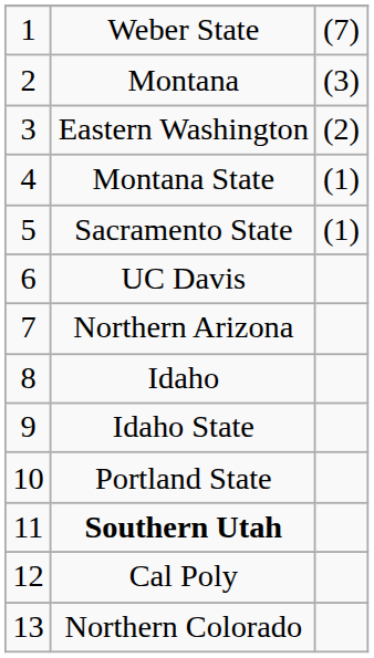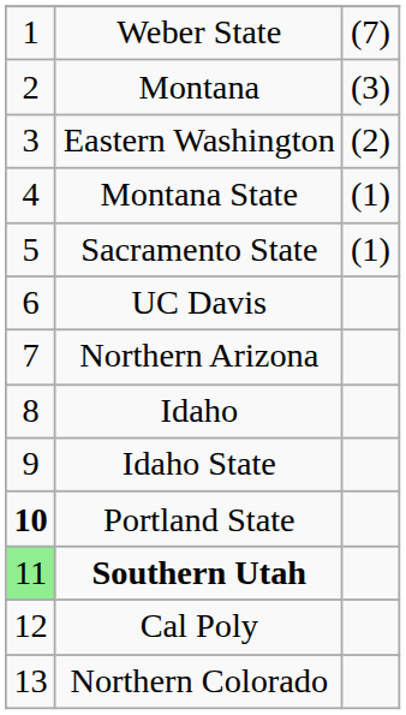 <table class="wikitable" style="display: inline-table;">
 <tr align="center">
 </tr>
 <tr align="center">
 <td>1</td>
 <td>Weber State</td>
 <td>(7)</td>
 </tr>
 <tr align="center">
 <td>2</td>
 <td>Montana</td>
 <td>(3)</td>
 </tr>
 <tr align="center">
 <td>3</td>
 <td>Eastern Washington</td>
 <td>(2)</td>
 </tr>
 <tr align="center">
 <td>4</td>
 <td>Montana State</td>
 <td>(1)</td>
 </tr>
 <tr align="center">
 <td>5</td>
 <td>Sacramento State</td>
 <td>(1)</td>
 </tr>
 <tr align="center">
 <td>6</td>
 <td>UC Davis</td>
 <td></td>
 </tr>
 <tr align="center">
 <td>7</td>
 <td>Northern Arizona</td>
 <td></td>
 </tr>
 <tr align="center">
 <td>8</td>
 <td>Idaho</td>
 <td></td>
 </tr>
 <tr align="center">
 <td>9</td>
 <td>Idaho State</td>
 <td></td>
 </tr>
 <tr align="center">
-<td>10</td>
+<td><strong>10</strong></td>
 <td>Portland State</td>
 <td></td>
 </tr>
 <tr align="center">
-<td>11</td>
+<td style="background: lightgreen;">11</td>
 <td><strong>Southern Utah</strong></td>
 <td></td>
 </tr>
 <tr align="center">
 <td>12</td>
 <td>Cal Poly</td>
 <td></td>
 </tr>
 <tr align="center">
 <td>13</td>
 <td>Northern Colorado</td>
 <td></td>
 </tr>
 </table>
